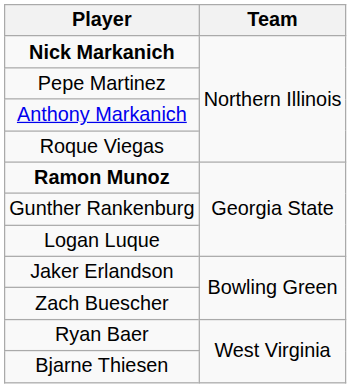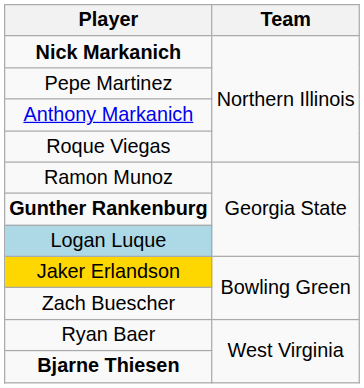 <table class="wikitable" style="text-align: center;">
 <tr>
 <th>Player</th>
 <th>Team</th>
 </tr>
 <tr>
 <td><strong>Nick Markanich</strong></td>
 <td rowspan=4>Northern Illinois</td>
 </tr>
 <tr>
 <td>Pepe Martinez</td>
 </tr>
 <tr>
 <td><a href='#'>Anthony Markanich</a></td>
 </tr>
 <tr>
 <td>Roque Viegas</td>
 </tr>
 <tr>
-<td><strong>Ramon Munoz</strong></td>
+<td>Ramon Munoz</td>
 <td rowspan=3>Georgia State</td>
 </tr>
 <tr>
-<td>Gunther Rankenburg</td>
+<td><strong>Gunther Rankenburg</strong></td>
 </tr>
 <tr>
-<td>Logan Luque</td>
+<td style="background: lightblue;">Logan Luque</td>
 </tr>
 <tr>
-<td>Jaker Erlandson</td>
+<td style="background: gold;">Jaker Erlandson</td>
 <td rowspan=2>Bowling Green</td>
 </tr>
 <tr>
 <td>Zach Buescher</td>
 </tr>
 <tr>
 <td>Ryan Baer</td>
 <td rowspan=2>West Virginia</td>
 </tr>
 <tr>
-<td>Bjarne Thiesen</td>
+<td><strong>Bjarne Thiesen</strong></td>
 </tr>
 </table>
